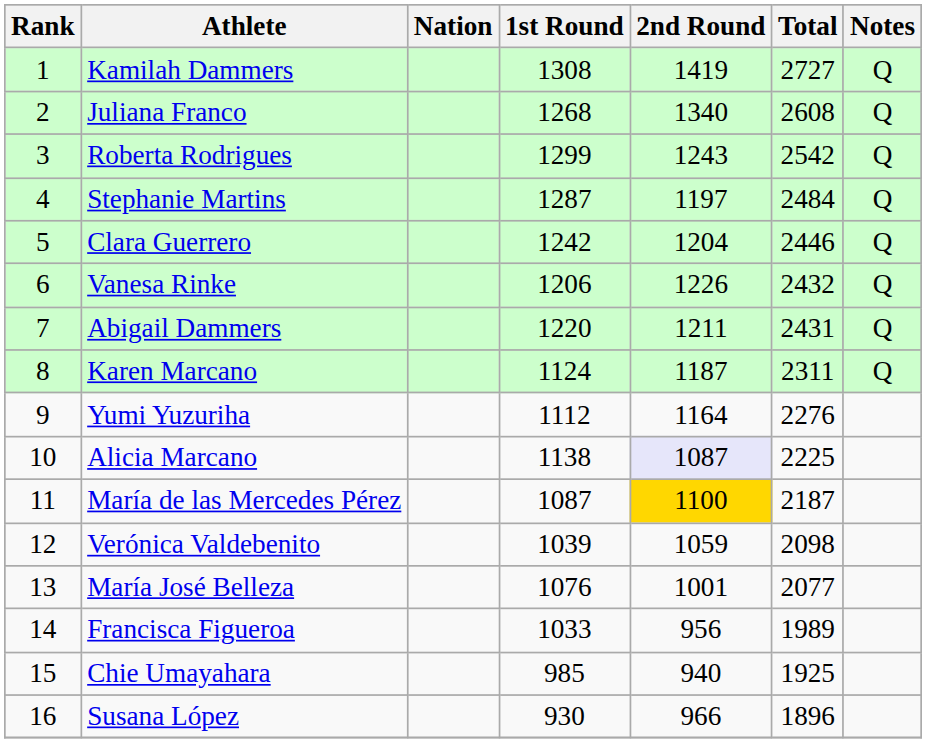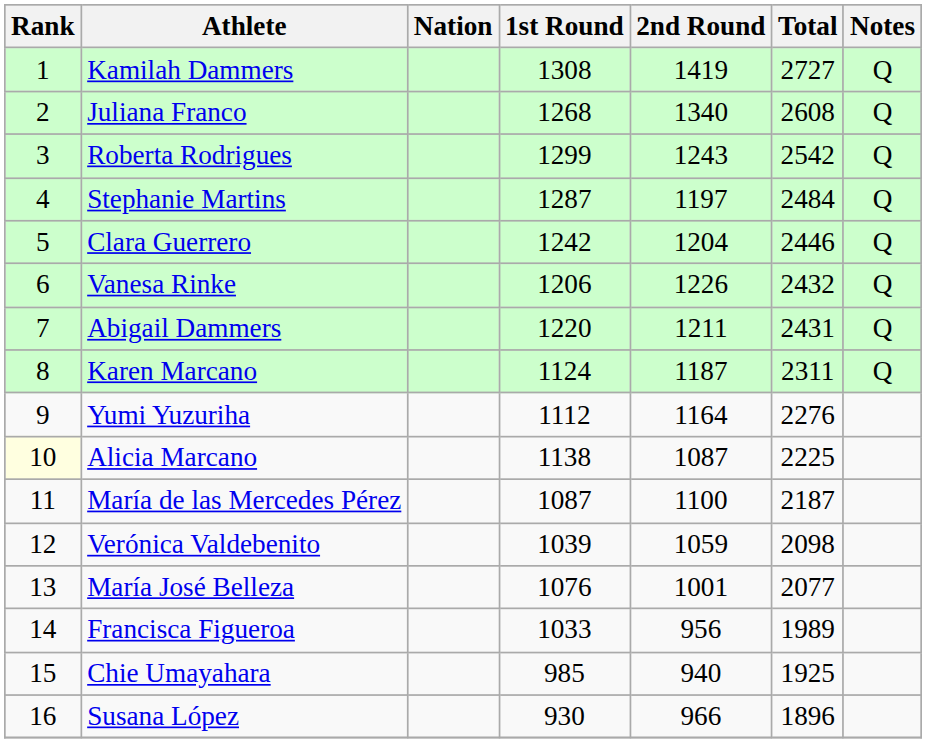 <table class="wikitable sortable" style="text-align:center">
 <tr>
 <th>Rank</th>
 <th>Athlete</th>
 <th>Nation</th>
 <th>1st Round</th>
 <th>2nd Round</th>
 <th>Total</th>
 <th>Notes</th>
 </tr>
 <tr bgcolor=ccffcc>
 <td>1</td>
 <td align=left><a href='#'>Kamilah Dammers</a></td>
 <td align=left></td>
 <td>1308</td>
 <td>1419</td>
 <td>2727</td>
 <td>Q</td>
 </tr>
 <tr bgcolor=ccffcc>
 <td>2</td>
 <td align=left><a href='#'>Juliana Franco</a></td>
 <td align=left></td>
 <td>1268</td>
 <td>1340</td>
 <td>2608</td>
 <td>Q</td>
 </tr>
 <tr bgcolor=ccffcc>
 <td>3</td>
 <td align=left><a href='#'>Roberta Rodrigues</a></td>
 <td align=left></td>
 <td>1299</td>
 <td>1243</td>
 <td>2542</td>
 <td>Q</td>
 </tr>
 <tr bgcolor=ccffcc>
 <td>4</td>
 <td align=left><a href='#'>Stephanie Martins</a></td>
 <td align=left></td>
 <td>1287</td>
 <td>1197</td>
 <td>2484</td>
 <td>Q</td>
 </tr>
 <tr bgcolor=ccffcc>
 <td>5</td>
 <td align=left><a href='#'>Clara Guerrero</a></td>
 <td align=left></td>
 <td>1242</td>
 <td>1204</td>
 <td>2446</td>
 <td>Q</td>
 </tr>
 <tr bgcolor=ccffcc>
 <td>6</td>
 <td align=left><a href='#'>Vanesa Rinke</a></td>
 <td align=left></td>
 <td>1206</td>
 <td>1226</td>
 <td>2432</td>
 <td>Q</td>
 </tr>
 <tr bgcolor=ccffcc>
 <td>7</td>
 <td align=left><a href='#'>Abigail Dammers</a></td>
 <td align=left></td>
 <td>1220</td>
 <td>1211</td>
 <td>2431</td>
 <td>Q</td>
 </tr>
 <tr bgcolor=ccffcc>
 <td>8</td>
 <td align=left><a href='#'>Karen Marcano</a></td>
 <td align=left></td>
 <td>1124</td>
 <td>1187</td>
 <td>2311</td>
 <td>Q</td>
 </tr>
 <tr>
 <td>9</td>
 <td align=left><a href='#'>Yumi Yuzuriha</a></td>
 <td align=left></td>
 <td>1112</td>
 <td>1164</td>
 <td>2276</td>
 <td></td>
 </tr>
 <tr>
-<td>10</td>
+<td style="background: lightyellow;">10</td>
 <td align=left><a href='#'>Alicia Marcano</a></td>
 <td align=left></td>
 <td>1138</td>
-<td style="background: lavender;">1087</td>
+<td>1087</td>
 <td>2225</td>
 <td></td>
 </tr>
 <tr>
 <td>11</td>
 <td align=left><a href='#'>María de las Mercedes Pérez</a></td>
 <td align=left></td>
 <td>1087</td>
-<td style="background: gold;">1100</td>
+<td>1100</td>
 <td>2187</td>
 <td></td>
 </tr>
 <tr>
 <td>12</td>
 <td align=left><a href='#'>Verónica Valdebenito</a></td>
 <td align=left></td>
 <td>1039</td>
 <td>1059</td>
 <td>2098</td>
 <td></td>
 </tr>
 <tr>
 <td>13</td>
 <td align=left><a href='#'>María José Belleza</a></td>
 <td align=left></td>
 <td>1076</td>
 <td>1001</td>
 <td>2077</td>
 <td></td>
 </tr>
 <tr>
 <td>14</td>
 <td align=left><a href='#'>Francisca Figueroa</a></td>
 <td align=left></td>
 <td>1033</td>
 <td>956</td>
 <td>1989</td>
 <td></td>
 </tr>
 <tr>
 <td>15</td>
 <td align=left><a href='#'>Chie Umayahara</a></td>
 <td align=left></td>
 <td>985</td>
 <td>940</td>
 <td>1925</td>
 <td></td>
 </tr>
 <tr>
 <td>16</td>
 <td align=left><a href='#'>Susana López</a></td>
 <td align=left></td>
 <td>930</td>
 <td>966</td>
 <td>1896</td>
 <td></td>
 </tr>
 <tr>
 </tr>
 </table>
